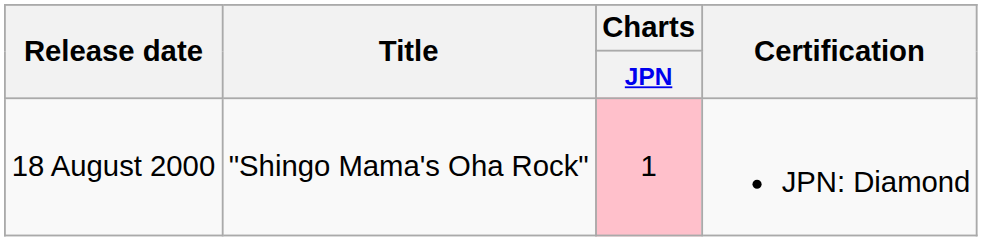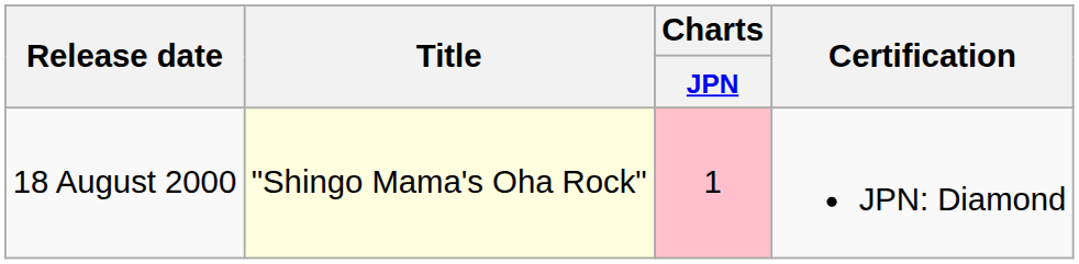 <table class="wikitable">
 <tr>
 <th rowspan="2">Release date</th>
 <th rowspan="2">Title</th>
 <th>Charts</th>
 <th rowspan="2">Certification</th>
 </tr>
 <tr>
 <th width="30"><small><a href='#'>JPN</a></small></th>
 </tr>
 <tr>
 <td>18 August 2000</td>
-<td>"Shingo Mama's Oha Rock"</td>
+<td style="background: lightyellow;">"Shingo Mama's Oha Rock"</td>
 <td style="background: pink; text-align:center;">1</td>
 <td><br><ul><li>JPN: Diamond</li></ul></td>
 </tr>
 </table>
